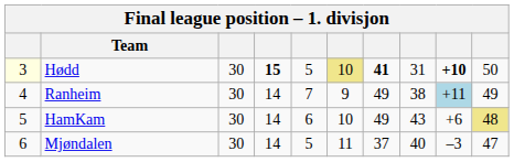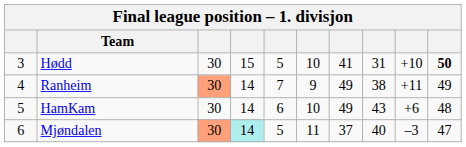 <table class="wikitable" style="text-align:center">
 <tr>
 <th colspan=10><big>Final league position – 1. divisjon</big></th>
 </tr>
 <tr>
 <th width="30"></th>
 <th width="175">Team</th>
 <th width="30"></th>
 <th width="30"></th>
 <th width="30"></th>
 <th width="30"></th>
 <th width="30"></th>
 <th width="30"></th>
 <th width="30"></th>
 <th width="30"></th>
 </tr>
 <tr>
-<td style="background: lightyellow;">3</td>
+<td>3</td>
 <td align=left><a href='#'>Hødd</a></td>
 <td>30</td>
-<td><strong>15</strong></td>
+<td>15</td>
 <td>5</td>
-<td style="background: khaki;">10</td>
-<td><strong>41</strong></td>
+<td>10</td>
+<td>41</td>
 <td>31</td>
-<td><strong>+10</strong></td>
-<td>50</td>
+<td>+10</td>
+<td><strong>50</strong></td>
 </tr>
 <tr>
 <td>4</td>
 <td align=left><a href='#'>Ranheim</a></td>
-<td>30</td>
+<td style="background: lightsalmon;">30</td>
 <td>14</td>
 <td>7</td>
 <td>9</td>
 <td>49</td>
 <td>38</td>
-<td style="background: lightblue;">+11</td>
+<td>+11</td>
 <td>49</td>
 </tr>
 <tr>
 <td>5</td>
 <td align=left><a href='#'>HamKam</a></td>
 <td>30</td>
 <td>14</td>
 <td>6</td>
 <td>10</td>
 <td>49</td>
 <td>43</td>
 <td>+6</td>
-<td style="background: khaki;">48</td>
+<td>48</td>
 </tr>
 <tr>
 <td>6</td>
 <td align=left><a href='#'>Mjøndalen</a></td>
-<td>30</td>
-<td>14</td>
+<td style="background: lightsalmon;">30</td>
+<td style="background: paleturquoise;">14</td>
 <td>5</td>
 <td>11</td>
 <td>37</td>
 <td>40</td>
 <td>–3</td>
 <td>47</td>
 </tr>
 </table>
